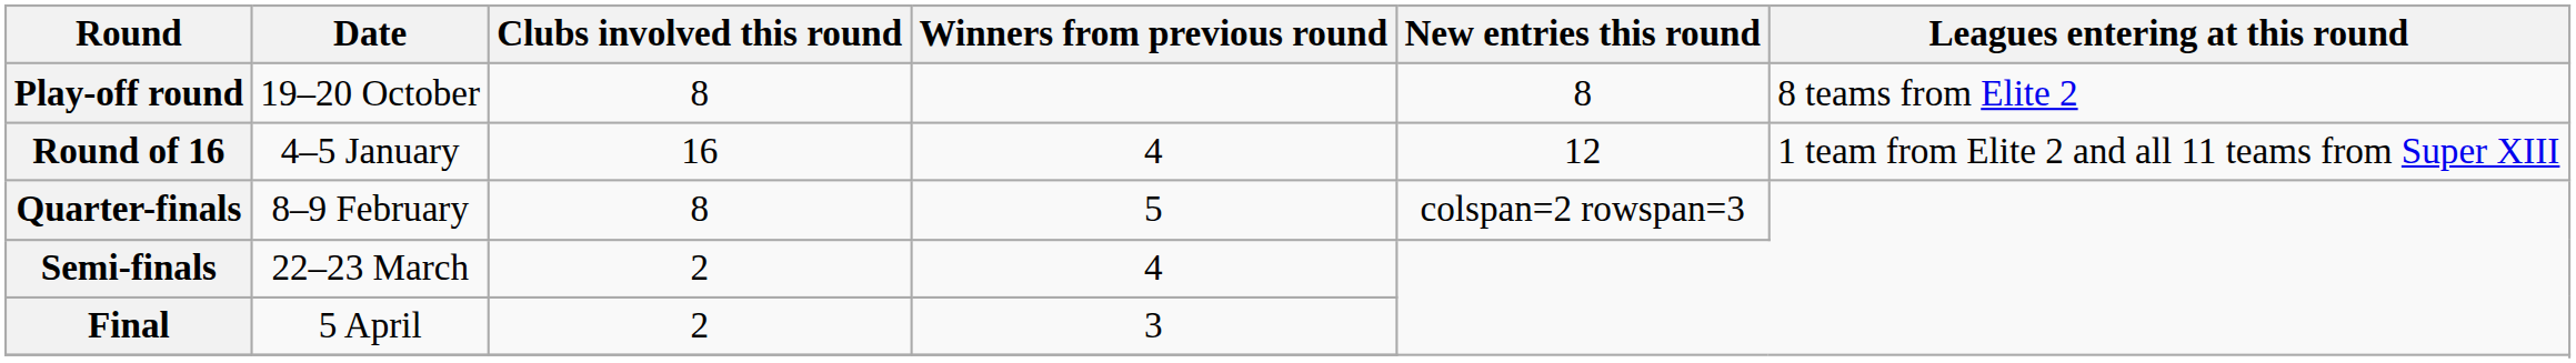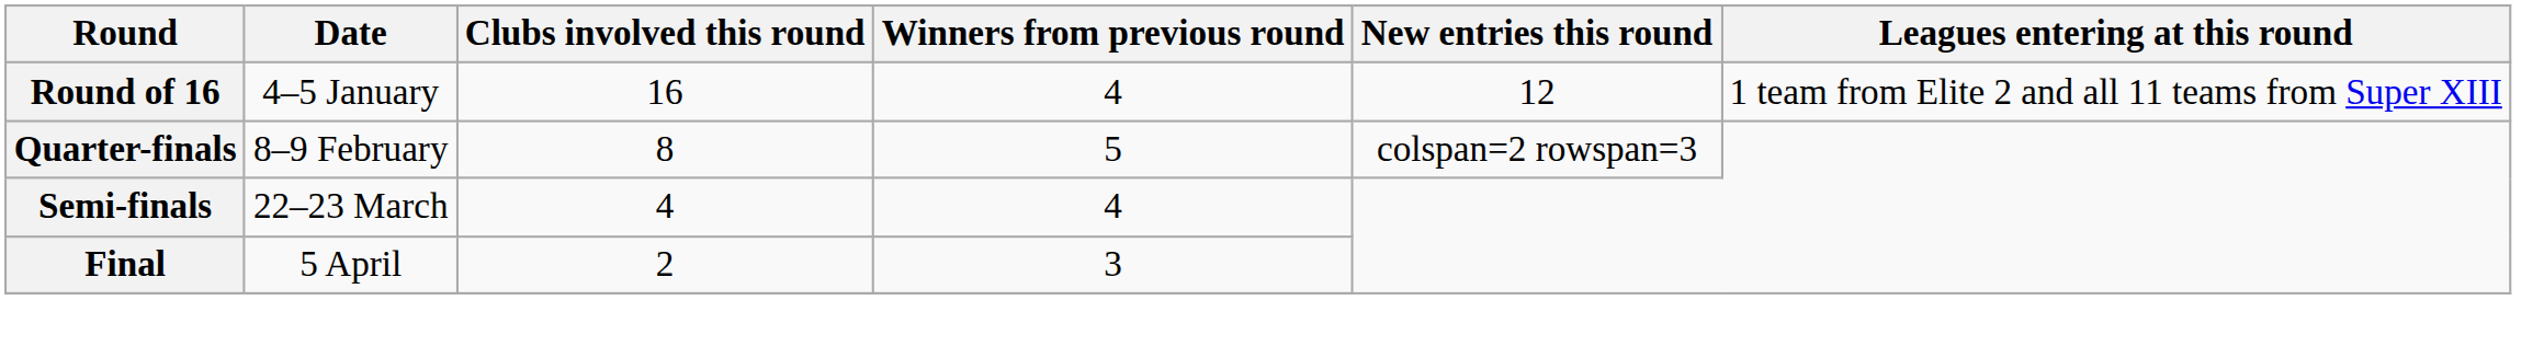 <table class="wikitable plainrowheaders" style="text-align:center;">
 <tr>
 <th scope="col">Round</th>
 <th scope="col">Date</th>
 <th scope="col">Clubs involved this round</th>
 <th scope="col">Winners from previous round</th>
 <th scope="col">New entries this round</th>
 <th scope="col">Leagues entering at this round</th>
-</tr>
-<tr>
-<th scope="row" style="text-align:center;">Play-off round</th>
-<td>19–20 October</td>
-<td>8</td>
-<td></td>
-<td>8</td>
-<td style="text-align: left;">8 teams from <a href='#'>Elite 2</a></td>
 </tr>
 <tr>
 <th scope="row" style="text-align:center;">Round of 16</th>
 <td>4–5 January</td>
 <td>16</td>
 <td>4</td>
 <td>12</td>
 <td style="text-align: left;">1 team from Elite 2 and all 11 teams from <a href='#'>Super XIII</a></td>
 </tr>
 <tr>
 <th scope="row" style="text-align:center;">Quarter-finals</th>
 <td>8–9 February</td>
 <td>8</td>
 <td>5</td>
 <td>colspan=2 rowspan=3</td>
 </tr>
 <tr>
 <th scope="row" style="text-align:center;">Semi-finals</th>
 <td>22–23 March</td>
-<td>2</td>
+<td>4</td>
 <td>4</td>
 </tr>
 <tr>
 <th scope="row" style="text-align:center;">Final</th>
 <td>5 April</td>
 <td>2</td>
 <td>3</td>
 </tr>
 <tr>
 </tr>
 </table>
